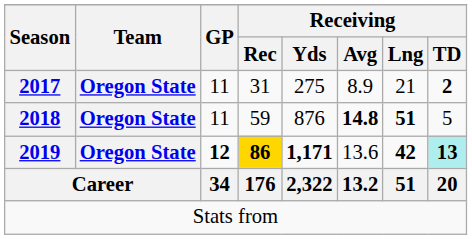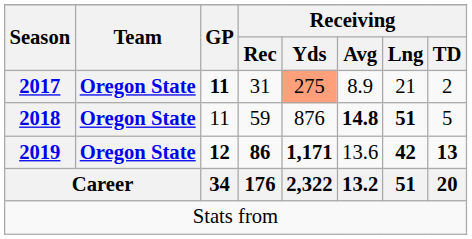 <table class=wikitable style="text-align:center;">
 <tr>
 </tr>
 <tr>
 <th rowspan="2">Season</th>
 <th rowspan="2">Team</th>
 <th rowspan="2">GP</th>
 <th colspan="5">Receiving</th>
 </tr>
 <tr>
 <th>Rec</th>
 <th>Yds</th>
 <th>Avg</th>
 <th>Lng</th>
 <th>TD</th>
 </tr>
 <tr>
 <th><a href='#'>2017</a></th>
 <th><a href='#'>Oregon State</a></th>
-<td>11</td>
+<td><strong>11</strong></td>
 <td>31</td>
-<td>275</td>
+<td style="background: lightsalmon;">275</td>
 <td>8.9</td>
 <td>21</td>
-<td><strong>2</strong></td>
+<td>2</td>
 </tr>
 <tr>
 <th><a href='#'>2018</a></th>
 <th><a href='#'>Oregon State</a></th>
 <td>11</td>
 <td>59</td>
 <td>876</td>
 <td><strong>14.8</strong></td>
 <td><strong>51</strong></td>
 <td>5</td>
 </tr>
 <tr>
 <th><a href='#'>2019</a></th>
 <th><a href='#'>Oregon State</a></th>
 <td><strong>12</strong></td>
-<td style="background: gold;"><strong>86</strong></td>
+<td><strong>86</strong></td>
 <td><strong>1,171</strong></td>
 <td>13.6</td>
 <td><strong>42</strong></td>
-<td style="background: paleturquoise;"><strong>13</strong></td>
+<td><strong>13</strong></td>
 </tr>
 <tr>
 <th colspan="2">Career</th>
 <th>34</th>
 <th>176</th>
 <th>2,322</th>
 <th>13.2</th>
 <th>51</th>
 <th>20</th>
 </tr>
 <tr>
 <td colspan="8">Stats from </td>
 </tr>
 </table>
